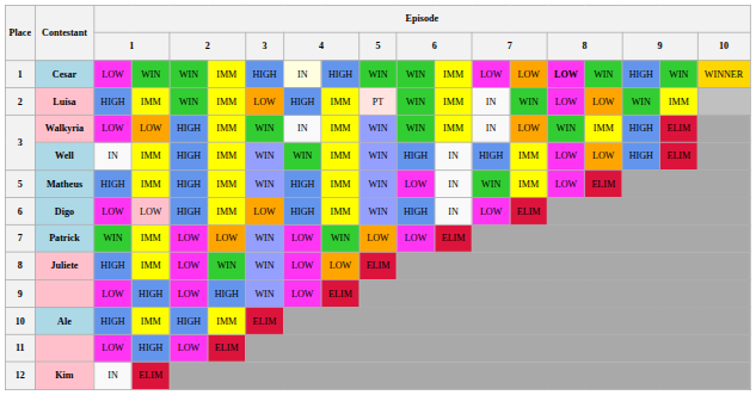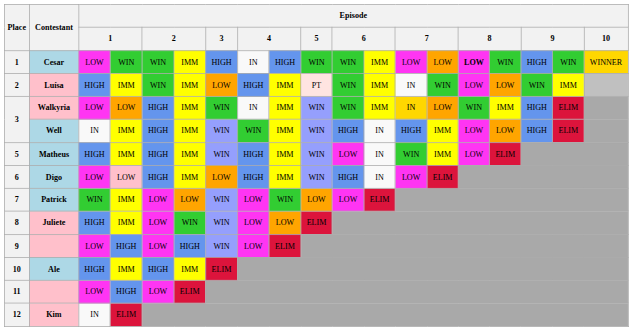 <table class="wikitable" style="text-align:center; font-size: 8pt; width:65%; line-height:25px;">
 <tr>
 <th rowspan="02" width="01.0%">Place</th>
 <th rowspan="02" width="03.0%">Contestant</th>
 <th colspan="19">Episode</th>
 </tr>
 <tr>
 <th colspan="2">1</th>
 <th colspan="2">2</th>
 <th>3</th>
 <th colspan="2">4</th>
 <th>5</th>
 <th colspan="2">6</th>
 <th colspan="2">7</th>
 <th colspan="2">8</th>
 <th colspan="2">9</th>
 <th>10</th>
 </tr>
 <tr>
 <th>1</th>
 <td bgcolor="ADD8E6"><strong>Cesar</strong></td>
 <td width="3%" bgcolor="FF35F3">LOW</td>
 <td width="3%" bgcolor="32CD32">WIN</td>
 <td width="3%" bgcolor="32CD32">WIN</td>
 <td width="3%" bgcolor="FFFF00">IMM</td>
 <td width="3%" bgcolor="6495ED">HIGH</td>
-<td width="3%" style="background: lightyellow;">IN</td>
+<td width="3%">IN</td>
 <td width="3%" bgcolor="6495ED">HIGH</td>
 <td width="3%" bgcolor="32CD32">WIN</td>
 <td width="3%" bgcolor="32CD32">WIN</td>
 <td width="3%" bgcolor="FFFF00">IMM</td>
 <td width="3%" bgcolor="FF35F3">LOW</td>
 <td width="3%" bgcolor="FFA500">LOW</td>
 <td width="3%" bgcolor="FF35F3"><strong>LOW</strong></td>
 <td width="3%" bgcolor="32CD32">WIN</td>
 <td width="3%" bgcolor="6495ED">HIGH</td>
 <td width="3%" bgcolor="32CD32">WIN</td>
 <td width="3%" bgcolor="#FFD700">WINNER</td>
 </tr>
 <tr>
 <th>2</th>
 <td bgcolor="FFC0CB"><strong>Luísa</strong></td>
 <td bgcolor="6495ED">HIGH</td>
 <td bgcolor="FFFF00">IMM</td>
 <td bgcolor="32CD32">WIN</td>
 <td bgcolor="FFFF00">IMM</td>
 <td bgcolor="FFA500">LOW</td>
 <td bgcolor="6495ED">HIGH</td>
 <td bgcolor="FFFF00">IMM</td>
 <td bgcolor="FFE4E1">PT</td>
 <td bgcolor="32CD32">WIN</td>
 <td bgcolor="FFFF00">IMM</td>
 <td>IN</td>
 <td bgcolor="32CD32">WIN</td>
 <td bgcolor="FF35F3">LOW</td>
 <td bgcolor="FFA500">LOW</td>
 <td bgcolor="32CD32">WIN</td>
 <td bgcolor="FFFF00">IMM</td>
 <td bgcolor="#C0C0C0"></td>
 </tr>
 <tr>
 <th rowspan="2">3</th>
 <td bgcolor="FFC0CB"><strong>Walkyria</strong></td>
 <td bgcolor="FF35F3">LOW</td>
 <td bgcolor="FFA500">LOW</td>
 <td bgcolor="6495ED">HIGH</td>
 <td bgcolor="FFFF00">IMM</td>
 <td bgcolor="32CD32">WIN</td>
 <td>IN</td>
 <td bgcolor="FFFF00">IMM</td>
 <td bgcolor="959FFD">WIN</td>
 <td bgcolor="32CD32">WIN</td>
 <td bgcolor="FFFF00">IMM</td>
-<td>IN</td>
+<td style="background: gold;">IN</td>
 <td bgcolor="FFA500">LOW</td>
 <td bgcolor="32CD32">WIN</td>
 <td bgcolor="FFFF00">IMM</td>
 <td bgcolor="6495ED">HIGH</td>
 <td bgcolor="DC143C">ELIM</td>
 <td colspan="1" bgcolor="A9A9A9"></td>
 </tr>
 <tr>
 <td bgcolor="ADD8E6"><strong>Well</strong></td>
 <td>IN</td>
 <td bgcolor="FFFF00">IMM</td>
 <td bgcolor="6495ED">HIGH</td>
 <td bgcolor="FFFF00">IMM</td>
 <td bgcolor="959FFD">WIN</td>
 <td bgcolor="32CD32">WIN</td>
 <td bgcolor="FFFF00">IMM</td>
 <td bgcolor="959FFD">WIN</td>
 <td bgcolor="6495ED">HIGH</td>
 <td>IN</td>
 <td bgcolor="6495ED">HIGH</td>
 <td bgcolor="FFFF00">IMM</td>
 <td bgcolor="FF35F3">LOW</td>
 <td bgcolor="FFA500">LOW</td>
 <td bgcolor="6495ED">HIGH</td>
 <td bgcolor="DC143C">ELIM</td>
 <td colspan="1" bgcolor="A9A9A9"></td>
 </tr>
 <tr>
 <th>5</th>
 <td bgcolor="ADD8E6"><strong>Matheus</strong></td>
 <td bgcolor="6495ED">HIGH</td>
 <td bgcolor="FFFF00">IMM</td>
 <td bgcolor="6495ED">HIGH</td>
 <td bgcolor="FFFF00">IMM</td>
 <td bgcolor="959FFD">WIN</td>
 <td bgcolor="6495ED">HIGH</td>
 <td bgcolor="FFFF00">IMM</td>
 <td bgcolor="959FFD">WIN</td>
 <td bgcolor="FF35F3">LOW</td>
 <td>IN</td>
 <td bgcolor="32CD32">WIN</td>
 <td bgcolor="FFFF00">IMM</td>
 <td bgcolor="FF35F3">LOW</td>
 <td bgcolor="DC143C">ELIM</td>
 <td colspan="3" bgcolor="A9A9A9"></td>
 </tr>
 <tr>
 <th>6</th>
 <td bgcolor="ADD8E6"><strong>Digo</strong></td>
 <td bgcolor="FF35F3">LOW</td>
 <td bgcolor="FFC0CB">LOW</td>
 <td bgcolor="6495ED">HIGH</td>
 <td bgcolor="FFFF00">IMM</td>
 <td bgcolor="FFA500">LOW</td>
 <td bgcolor="6495ED">HIGH</td>
 <td bgcolor="FFFF00">IMM</td>
 <td bgcolor="959FFD">WIN</td>
 <td bgcolor="6495ED">HIGH</td>
 <td>IN</td>
 <td bgcolor="FF35F3">LOW</td>
 <td bgcolor="DC143C">ELIM</td>
 <td colspan="5" bgcolor="A9A9A9"></td>
 </tr>
 <tr>
 <th>7</th>
 <td bgcolor="ADD8E6"><strong>Patrick</strong></td>
 <td bgcolor="32CD32">WIN</td>
 <td bgcolor="FFFF00">IMM</td>
 <td bgcolor="FF35F3">LOW</td>
 <td bgcolor="FFA500">LOW</td>
 <td bgcolor="959FFD">WIN</td>
 <td bgcolor="FF35F3">LOW</td>
 <td bgcolor="32CD32">WIN</td>
 <td bgcolor="FFA500">LOW</td>
 <td bgcolor="FF35F3">LOW</td>
 <td bgcolor="DC143C">ELIM</td>
 <td colspan="7" bgcolor="A9A9A9"></td>
 </tr>
 <tr>
 <th>8</th>
 <td bgcolor="FFC0CB"><strong>Juliete</strong></td>
 <td bgcolor="6495ED">HIGH</td>
 <td bgcolor="FFFF00">IMM</td>
 <td bgcolor="FF35F3">LOW</td>
 <td bgcolor="32CD32">WIN</td>
 <td bgcolor="959FFD">WIN</td>
 <td bgcolor="FF35F3">LOW</td>
 <td bgcolor="FFA500">LOW</td>
 <td bgcolor="DC143C">ELIM</td>
 <td colspan="9" bgcolor="A9A9A9"></td>
 </tr>
 <tr>
 <th>9</th>
 <td bgcolor="FFC0CB"><strong></strong></td>
 <td bgcolor="FF35F3">LOW</td>
 <td bgcolor="6495ED">HIGH</td>
 <td bgcolor="FF35F3">LOW</td>
 <td bgcolor="6495ED">HIGH</td>
 <td bgcolor="959FFD">WIN</td>
 <td bgcolor="FF35F3">LOW</td>
 <td bgcolor="DC143C">ELIM</td>
 <td colspan="10" bgcolor="A9A9A9"></td>
 </tr>
 <tr>
 <th>10</th>
 <td bgcolor="ADD8E6"><strong>Ale</strong></td>
 <td bgcolor="6495ED">HIGH</td>
 <td bgcolor="FFFF00">IMM</td>
 <td bgcolor="6495ED">HIGH</td>
 <td bgcolor="FFFF00">IMM</td>
 <td bgcolor="DC143C">ELIM</td>
 <td colspan="12" bgcolor="A9A9A9"></td>
 </tr>
 <tr>
 <th>11</th>
 <td bgcolor="FFC0CB"><strong></strong></td>
 <td bgcolor="FF35F3">LOW</td>
 <td bgcolor="6495ED">HIGH</td>
 <td bgcolor="FF35F3">LOW</td>
 <td bgcolor="DC143C">ELIM</td>
 <td colspan="13" bgcolor="A9A9A9"></td>
 </tr>
 <tr>
 <th>12</th>
 <td bgcolor="FFC0CB"><strong>Kim</strong></td>
 <td>IN</td>
 <td bgcolor="DC143C">ELIM</td>
 <td colspan="15" bgcolor="A9A9A9"></td>
 </tr>
 </table>
